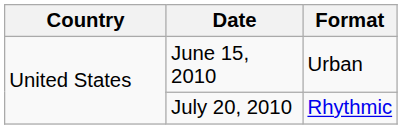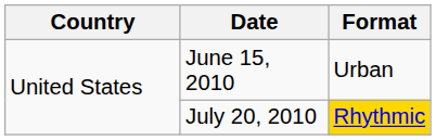 <table class="wikitable">
 <tr>
 <th style="width:120px;">Country</th>
 <th style="width:100px;">Date</th>
 <th>Format</th>
 </tr>
 <tr>
 <td rowspan="2">United States</td>
 <td>June 15, 2010</td>
 <td>Urban</td>
 </tr>
 <tr>
 <td>July 20, 2010</td>
-<td><a href='#'>Rhythmic</a></td>
+<td style="background: gold;"><a href='#'>Rhythmic</a></td>
 </tr>
 </table>
